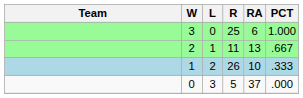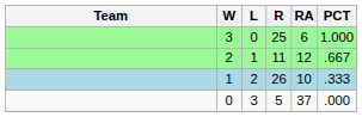 <table class=wikitable style="text-align:center;font-size:90%">
 <tr>
 <th width=220>Team</th>
 <th width=20>W</th>
 <th width=20>L</th>
 <th width=20>R</th>
 <th width=20>RA</th>
 <th width=20>PCT</th>
 </tr>
 <tr bgcolor=#98fb98>
 <td align=left></td>
 <td>3</td>
 <td>0</td>
 <td>25</td>
 <td>6</td>
 <td>1.000</td>
 </tr>
 <tr bgcolor=#98fb98>
 <td align=left></td>
 <td>2</td>
 <td>1</td>
 <td>11</td>
-<td>13</td>
+<td>12</td>
 <td>.667</td>
 </tr>
 <tr bgcolor=lightblue>
 <td align=left></td>
 <td>1</td>
 <td>2</td>
 <td>26</td>
 <td>10</td>
 <td>.333</td>
 </tr>
 <tr>
 <td align=left></td>
 <td>0</td>
 <td>3</td>
 <td>5</td>
 <td>37</td>
 <td>.000</td>
 </tr>
 <tr>
 </tr>
 </table>
